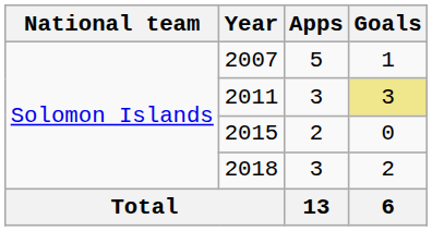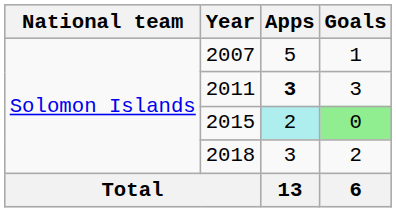 <table class="wikitable" style="text-align:center">
 <tr>
 <th>National team</th>
 <th>Year</th>
 <th>Apps</th>
 <th>Goals</th>
 </tr>
 <tr>
 <td rowspan="4"><a href='#'>Solomon Islands</a></td>
 <td>2007</td>
 <td>5</td>
 <td>1</td>
 </tr>
 <tr>
 <td>2011</td>
+<td><strong>3</strong></td>
 <td>3</td>
-<td style="background: khaki;">3</td>
 </tr>
 <tr>
 <td>2015</td>
-<td>2</td>
-<td>0</td>
+<td style="background: paleturquoise;">2</td>
+<td style="background: lightgreen;">0</td>
 </tr>
 <tr>
 <td>2018</td>
 <td>3</td>
 <td>2</td>
 </tr>
 <tr>
 <th colspan="2">Total</th>
 <th>13</th>
 <th>6</th>
 </tr>
 </table>
